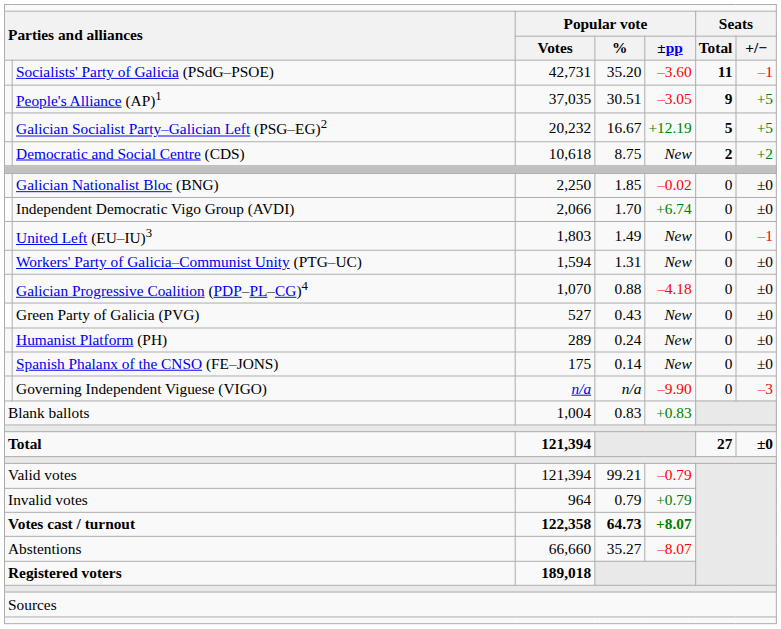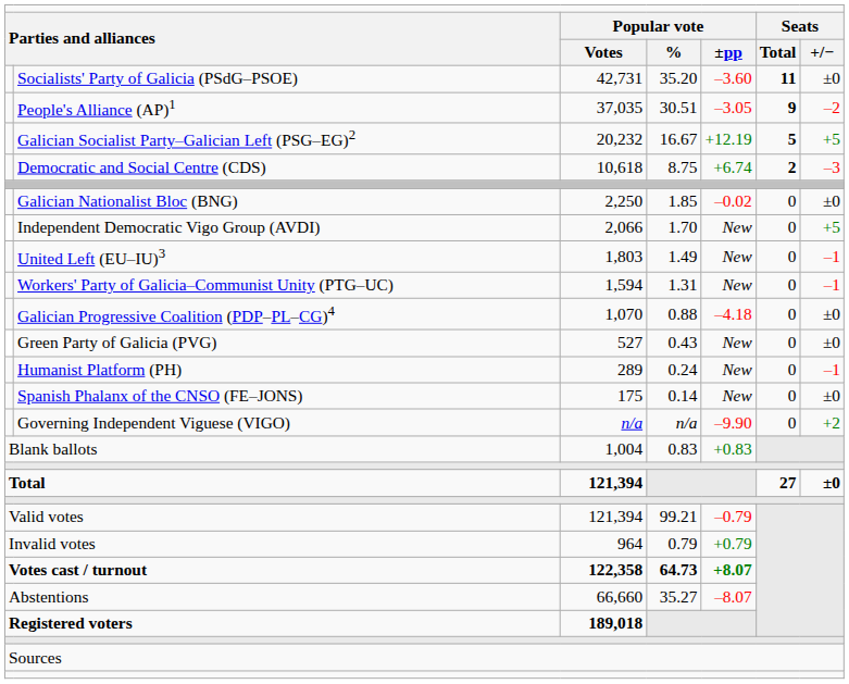 <table class="wikitable" style="text-align:right;">
 <tr>
 <td colspan="7"></td>
 </tr>
 <tr>
 <th style="text-align:left;" rowspan="2" colspan="2" width="525">Parties and alliances</th>
 <th colspan="3">Popular vote</th>
 <th colspan="2">Seats</th>
 </tr>
 <tr>
 <th width="75">Votes</th>
 <th width="45">%</th>
 <th width="45">±<a href='#'>pp</a></th>
 <th width="35">Total</th>
 <th width="35">+/−</th>
 </tr>
 <tr>
 <td width="1" style="color:inherit;background:"></td>
 <td align="left"><a href='#'>Socialists' Party of Galicia</a> (PSdG–PSOE)</td>
 <td>42,731</td>
 <td>35.20</td>
 <td style="color:red;">–3.60</td>
 <td><strong>11</strong></td>
-<td style="color:red;">–1</td>
+<td>±0</td>
 </tr>
 <tr>
 <td style="color:inherit;background:"></td>
 <td align="left"><a href='#'>People's Alliance</a> (AP)<sup>1</sup></td>
 <td>37,035</td>
 <td>30.51</td>
 <td style="color:red;">–3.05</td>
 <td><strong>9</strong></td>
-<td style="color:green;">+5</td>
+<td style="color:red;">–2</td>
 </tr>
 <tr>
 <td style="color:inherit;background:"></td>
 <td align="left"><a href='#'>Galician Socialist Party–Galician Left</a> (PSG–EG)<sup>2</sup></td>
 <td>20,232</td>
 <td>16.67</td>
 <td style="color:green;">+12.19</td>
 <td><strong>5</strong></td>
 <td style="color:green;">+5</td>
 </tr>
 <tr>
 <td style="color:inherit;background:"></td>
 <td align="left"><a href='#'>Democratic and Social Centre</a> (CDS)</td>
 <td>10,618</td>
 <td>8.75</td>
-<td><em>New</em></td>
+<td style="color:green;">+6.74</td>
 <td><strong>2</strong></td>
-<td style="color:green;">+2</td>
+<td style="color:red;">–3</td>
 </tr>
 <tr>
 <td colspan="7" style="color:inherit;background:#C0C0C0"></td>
 </tr>
 <tr>
 <td style="color:inherit;background:"></td>
 <td align="left"><a href='#'>Galician Nationalist Bloc</a> (BNG)</td>
 <td>2,250</td>
 <td>1.85</td>
 <td style="color:red;">–0.02</td>
 <td>0</td>
 <td>±0</td>
 </tr>
 <tr>
 <td bgcolor="white"></td>
 <td align="left">Independent Democratic Vigo Group (AVDI)</td>
 <td>2,066</td>
 <td>1.70</td>
-<td style="color:green;">+6.74</td>
+<td><em>New</em></td>
 <td>0</td>
-<td>±0</td>
+<td style="color:green;">+5</td>
 </tr>
 <tr>
 <td style="color:inherit;background:"></td>
 <td align="left"><a href='#'>United Left</a> (EU–IU)<sup>3</sup></td>
 <td>1,803</td>
 <td>1.49</td>
 <td><em>New</em></td>
 <td>0</td>
 <td style="color:red;">–1</td>
 </tr>
 <tr>
 <td style="color:inherit;background:"></td>
 <td align="left"><a href='#'>Workers' Party of Galicia–Communist Unity</a> (PTG–UC)</td>
 <td>1,594</td>
 <td>1.31</td>
 <td><em>New</em></td>
 <td>0</td>
-<td>±0</td>
+<td style="color:red;">–1</td>
 </tr>
 <tr>
 <td style="color:inherit;background:"></td>
 <td align="left"><a href='#'>Galician Progressive Coalition</a> (<a href='#'>PDP</a>–<a href='#'>PL</a>–<a href='#'>CG</a>)<sup>4</sup></td>
 <td>1,070</td>
 <td>0.88</td>
 <td style="color:red;">–4.18</td>
 <td>0</td>
 <td>±0</td>
 </tr>
 <tr>
 <td bgcolor="white"></td>
 <td align="left">Green Party of Galicia (PVG)</td>
 <td>527</td>
 <td>0.43</td>
 <td><em>New</em></td>
 <td>0</td>
 <td>±0</td>
 </tr>
 <tr>
 <td style="color:inherit;background:"></td>
 <td align="left"><a href='#'>Humanist Platform</a> (PH)</td>
 <td>289</td>
 <td>0.24</td>
 <td><em>New</em></td>
 <td>0</td>
-<td>±0</td>
+<td style="color:red;">–1</td>
 </tr>
 <tr>
 <td style="color:inherit;background:"></td>
 <td align="left"><a href='#'>Spanish Phalanx of the CNSO</a> (FE–JONS)</td>
 <td>175</td>
 <td>0.14</td>
 <td><em>New</em></td>
 <td>0</td>
 <td>±0</td>
 </tr>
 <tr>
 <td style="color:inherit;background:"></td>
 <td align="left">Governing Independent Viguese (VIGO)</td>
 <td><em><a href='#'>n/a</a></em></td>
 <td><em>n/a</em></td>
 <td style="color:red;">–9.90</td>
 <td>0</td>
-<td style="color:red;">–3</td>
+<td style="color:green;">+2</td>
 </tr>
 <tr>
 <td align="left" colspan="2">Blank ballots</td>
 <td>1,004</td>
 <td>0.83</td>
 <td style="color:green;">+0.83</td>
 <td style="color:inherit;background:#E9E9E9" colspan="2"></td>
 </tr>
 <tr>
 <td colspan="7" style="color:inherit;background:#E9E9E9"></td>
 </tr>
 <tr style="font-weight:bold;">
 <td align="left" colspan="2">Total</td>
 <td>121,394</td>
 <td bgcolor="#E9E9E9" colspan="2"></td>
 <td>27</td>
 <td>±0</td>
 </tr>
 <tr>
 <td colspan="7" style="color:inherit;background:#E9E9E9"></td>
 </tr>
 <tr>
 <td align="left" colspan="2">Valid votes</td>
 <td>121,394</td>
 <td>99.21</td>
 <td style="color:red;">–0.79</td>
 <td bgcolor="#E9E9E9" colspan="2" rowspan="5"></td>
 </tr>
 <tr>
 <td align="left" colspan="2">Invalid votes</td>
 <td>964</td>
 <td>0.79</td>
 <td style="color:green;">+0.79</td>
 </tr>
 <tr style="font-weight:bold;">
 <td align="left" colspan="2">Votes cast / turnout</td>
 <td>122,358</td>
 <td>64.73</td>
 <td style="color:green;">+8.07</td>
 </tr>
 <tr>
 <td align="left" colspan="2">Abstentions</td>
 <td>66,660</td>
 <td>35.27</td>
 <td style="color:red;">–8.07</td>
 </tr>
 <tr style="font-weight:bold;">
 <td align="left" colspan="2">Registered voters</td>
 <td>189,018</td>
 <td bgcolor="#E9E9E9" colspan="2"></td>
 </tr>
 <tr>
 <td colspan="7" style="color:inherit;background:#E9E9E9"></td>
 </tr>
 <tr>
 <td align="left" colspan="7">Sources</td>
 </tr>
 <tr>
 <td colspan="7" style="text-align:left; max-width:790px;"></td>
 </tr>
 </table>
